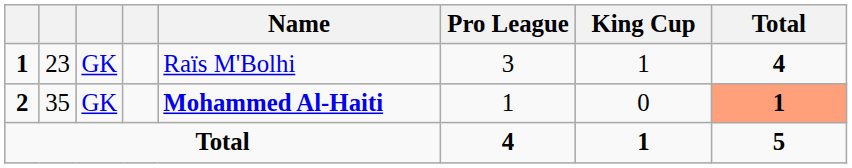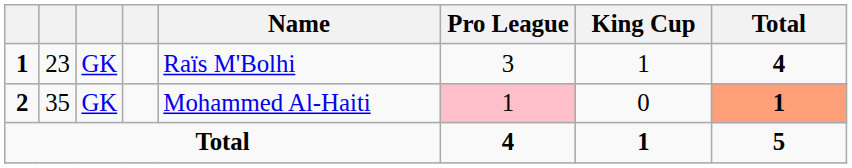 <table class="wikitable" style="text-align:center">
 <tr>
 <th width=15></th>
 <th width=15></th>
 <th width=15></th>
 <th width=15></th>
 <th width=175>Name</th>
 <th width=80>Pro League</th>
 <th width=80>King Cup</th>
 <th width=80>Total</th>
 </tr>
 <tr>
 <td><strong>1</strong></td>
 <td>23</td>
 <td><a href='#'>GK</a></td>
 <td></td>
 <td align=left><a href='#'>Raïs M'Bolhi</a></td>
 <td>3</td>
 <td>1</td>
 <td><strong>4</strong></td>
 </tr>
 <tr>
 <td><strong>2</strong></td>
 <td>35</td>
 <td><a href='#'>GK</a></td>
 <td></td>
-<td align=left><strong><a href='#'>Mohammed Al-Haiti</a></strong></td>
-<td>1</td>
+<td align=left><a href='#'>Mohammed Al-Haiti</a></td>
+<td style="background: pink;">1</td>
 <td>0</td>
 <td style="background: lightsalmon;"><strong>1</strong></td>
 </tr>
 <tr>
 <td colspan=5><strong>Total</strong></td>
 <td><strong>4</strong></td>
 <td><strong>1</strong></td>
 <td><strong>5</strong></td>
 </tr>
 </table>
